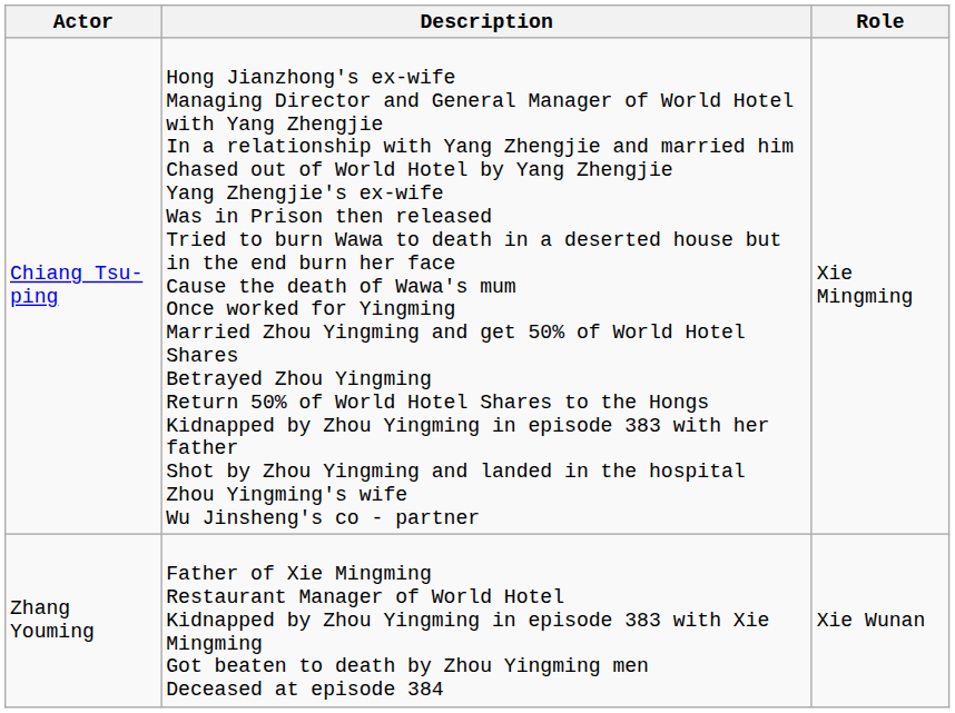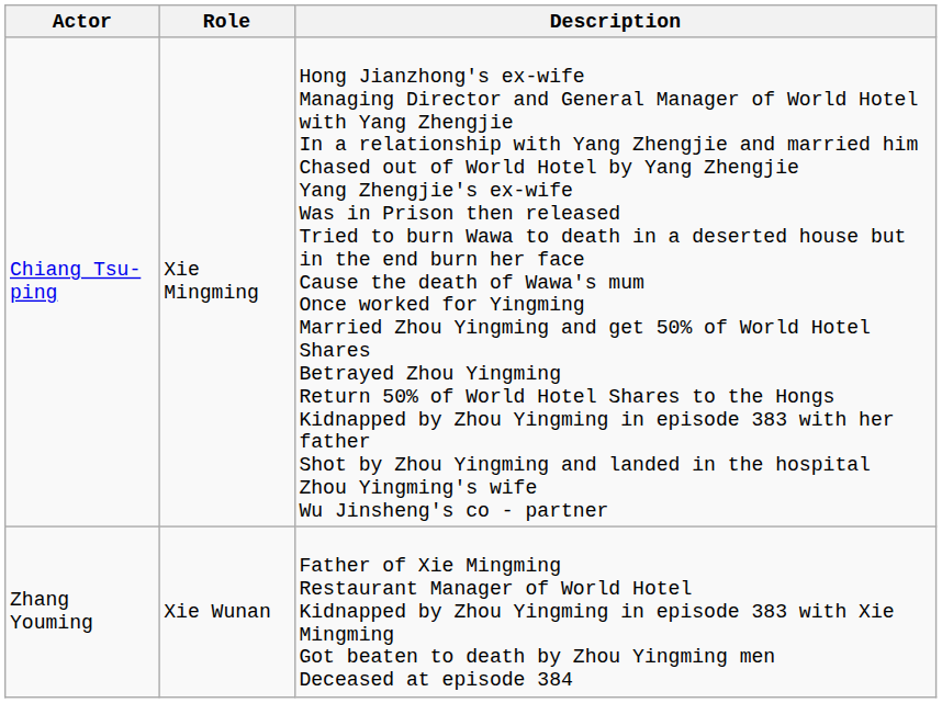 <table class="wikitable">
 <tr>
 <th>Actor</th>
+<th>Role</th>
 <th>Description</th>
-<th>Role</th>
 </tr>
 <tr>
 <td><a href='#'>Chiang Tsu-ping</a></td>
+<td>Xie Mingming</td>
 <td><br>Hong Jianzhong's ex-wife<br> Managing Director and General Manager of World Hotel with Yang Zhengjie<br> In a relationship with Yang Zhengjie and married him<br> Chased out of World Hotel by Yang Zhengjie<br> Yang Zhengjie's ex-wife<br> Was in Prison then released<br> Tried to burn Wawa to death in a deserted house but in the end burn her face<br> Cause the death of Wawa's mum<br> Once worked for Yingming<br>  Married Zhou Yingming and get 50% of World Hotel Shares<br> Betrayed Zhou Yingming<br> Return 50% of World Hotel Shares to the Hongs<br> Kidnapped by Zhou Yingming in episode 383 with her father<br> Shot by Zhou Yingming and landed in the hospital<br> Zhou Yingming's wife<br> Wu Jinsheng's co - partner<br></td>
-<td>Xie Mingming</td>
 </tr>
 <tr>
 <td>Zhang Youming</td>
+<td>Xie Wunan</td>
 <td><br>Father of Xie Mingming<br> Restaurant Manager of World Hotel<br> Kidnapped by Zhou Yingming in episode 383 with Xie Mingming<br> Got beaten to death by Zhou Yingming men<br> Deceased at episode 384</td>
-<td>Xie Wunan</td>
 </tr>
 </table>
